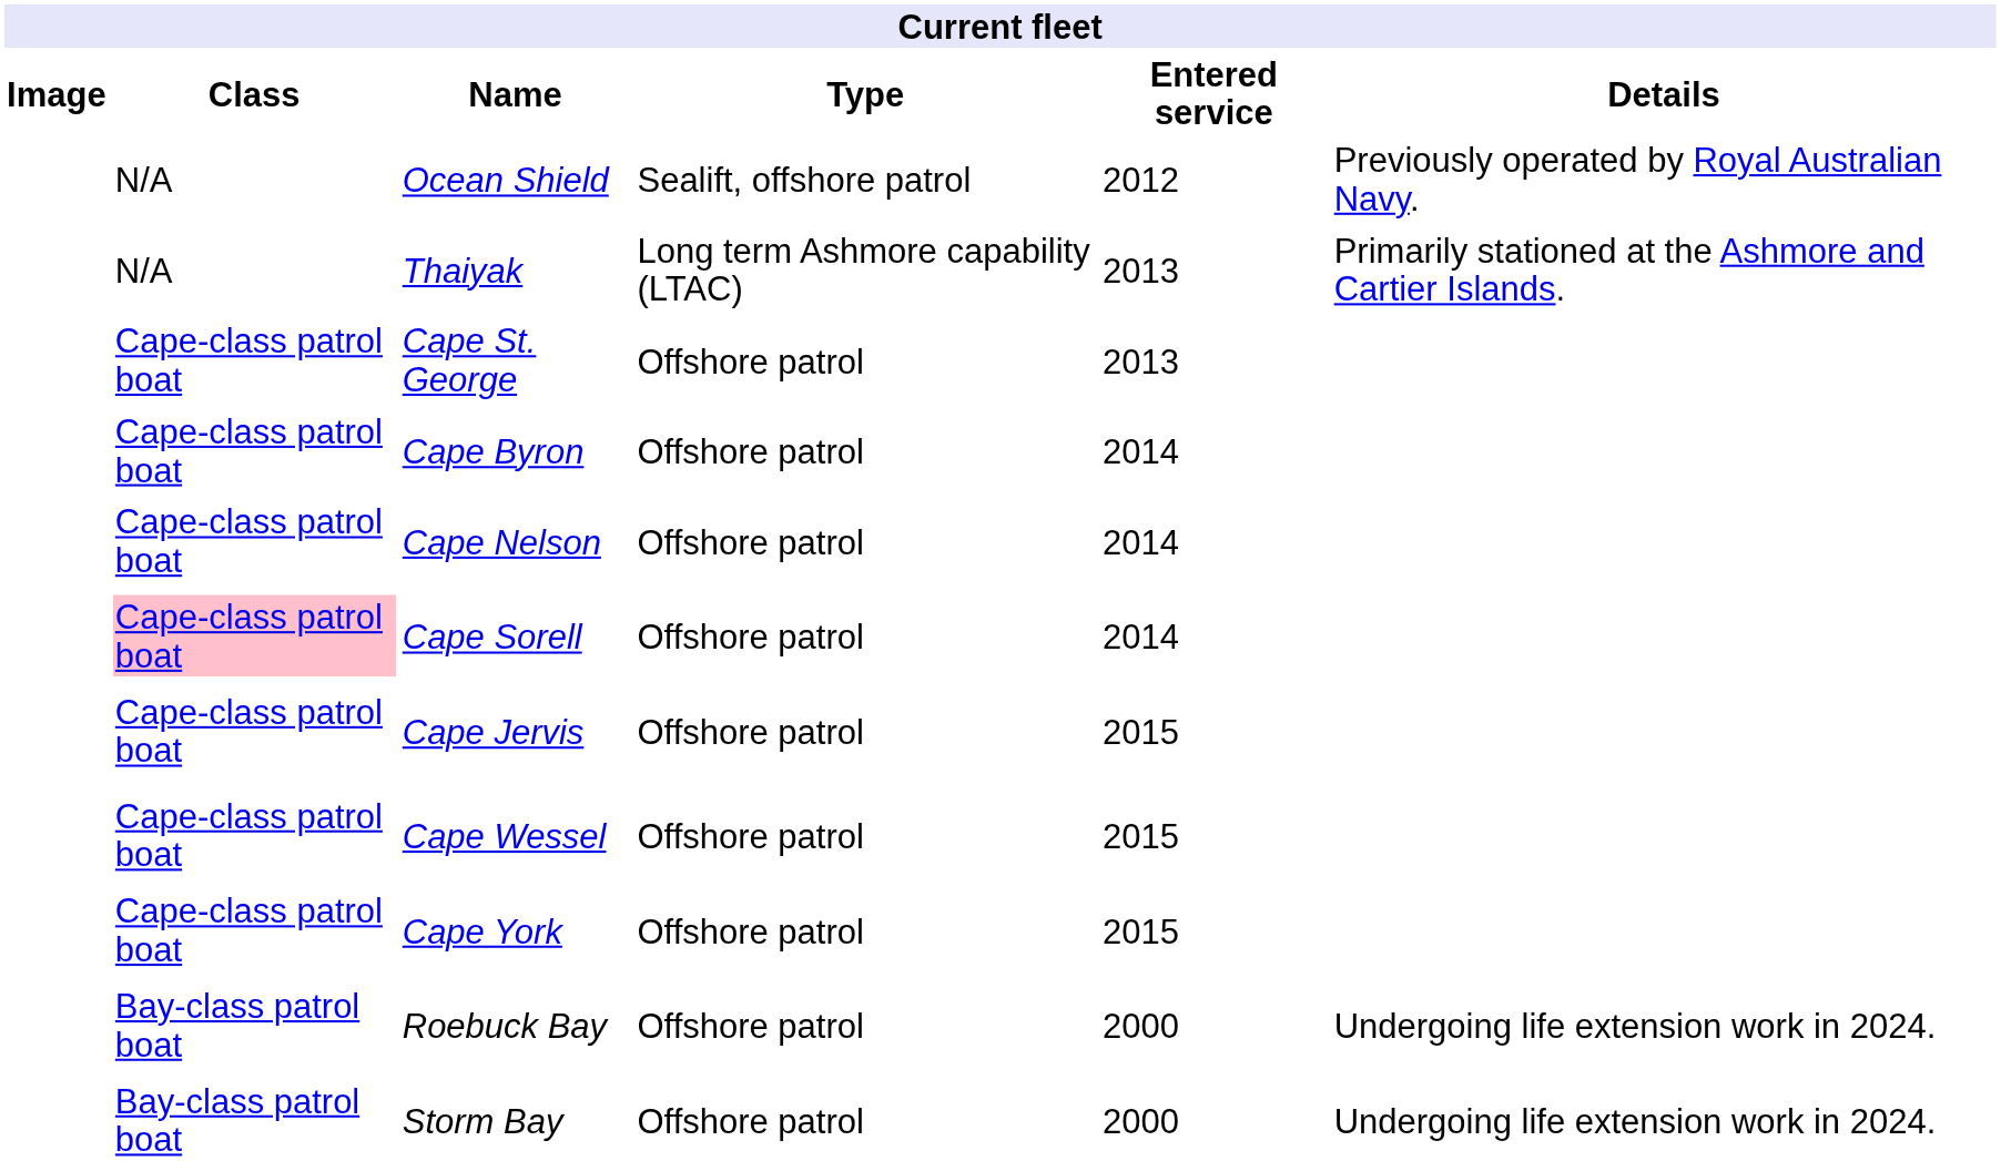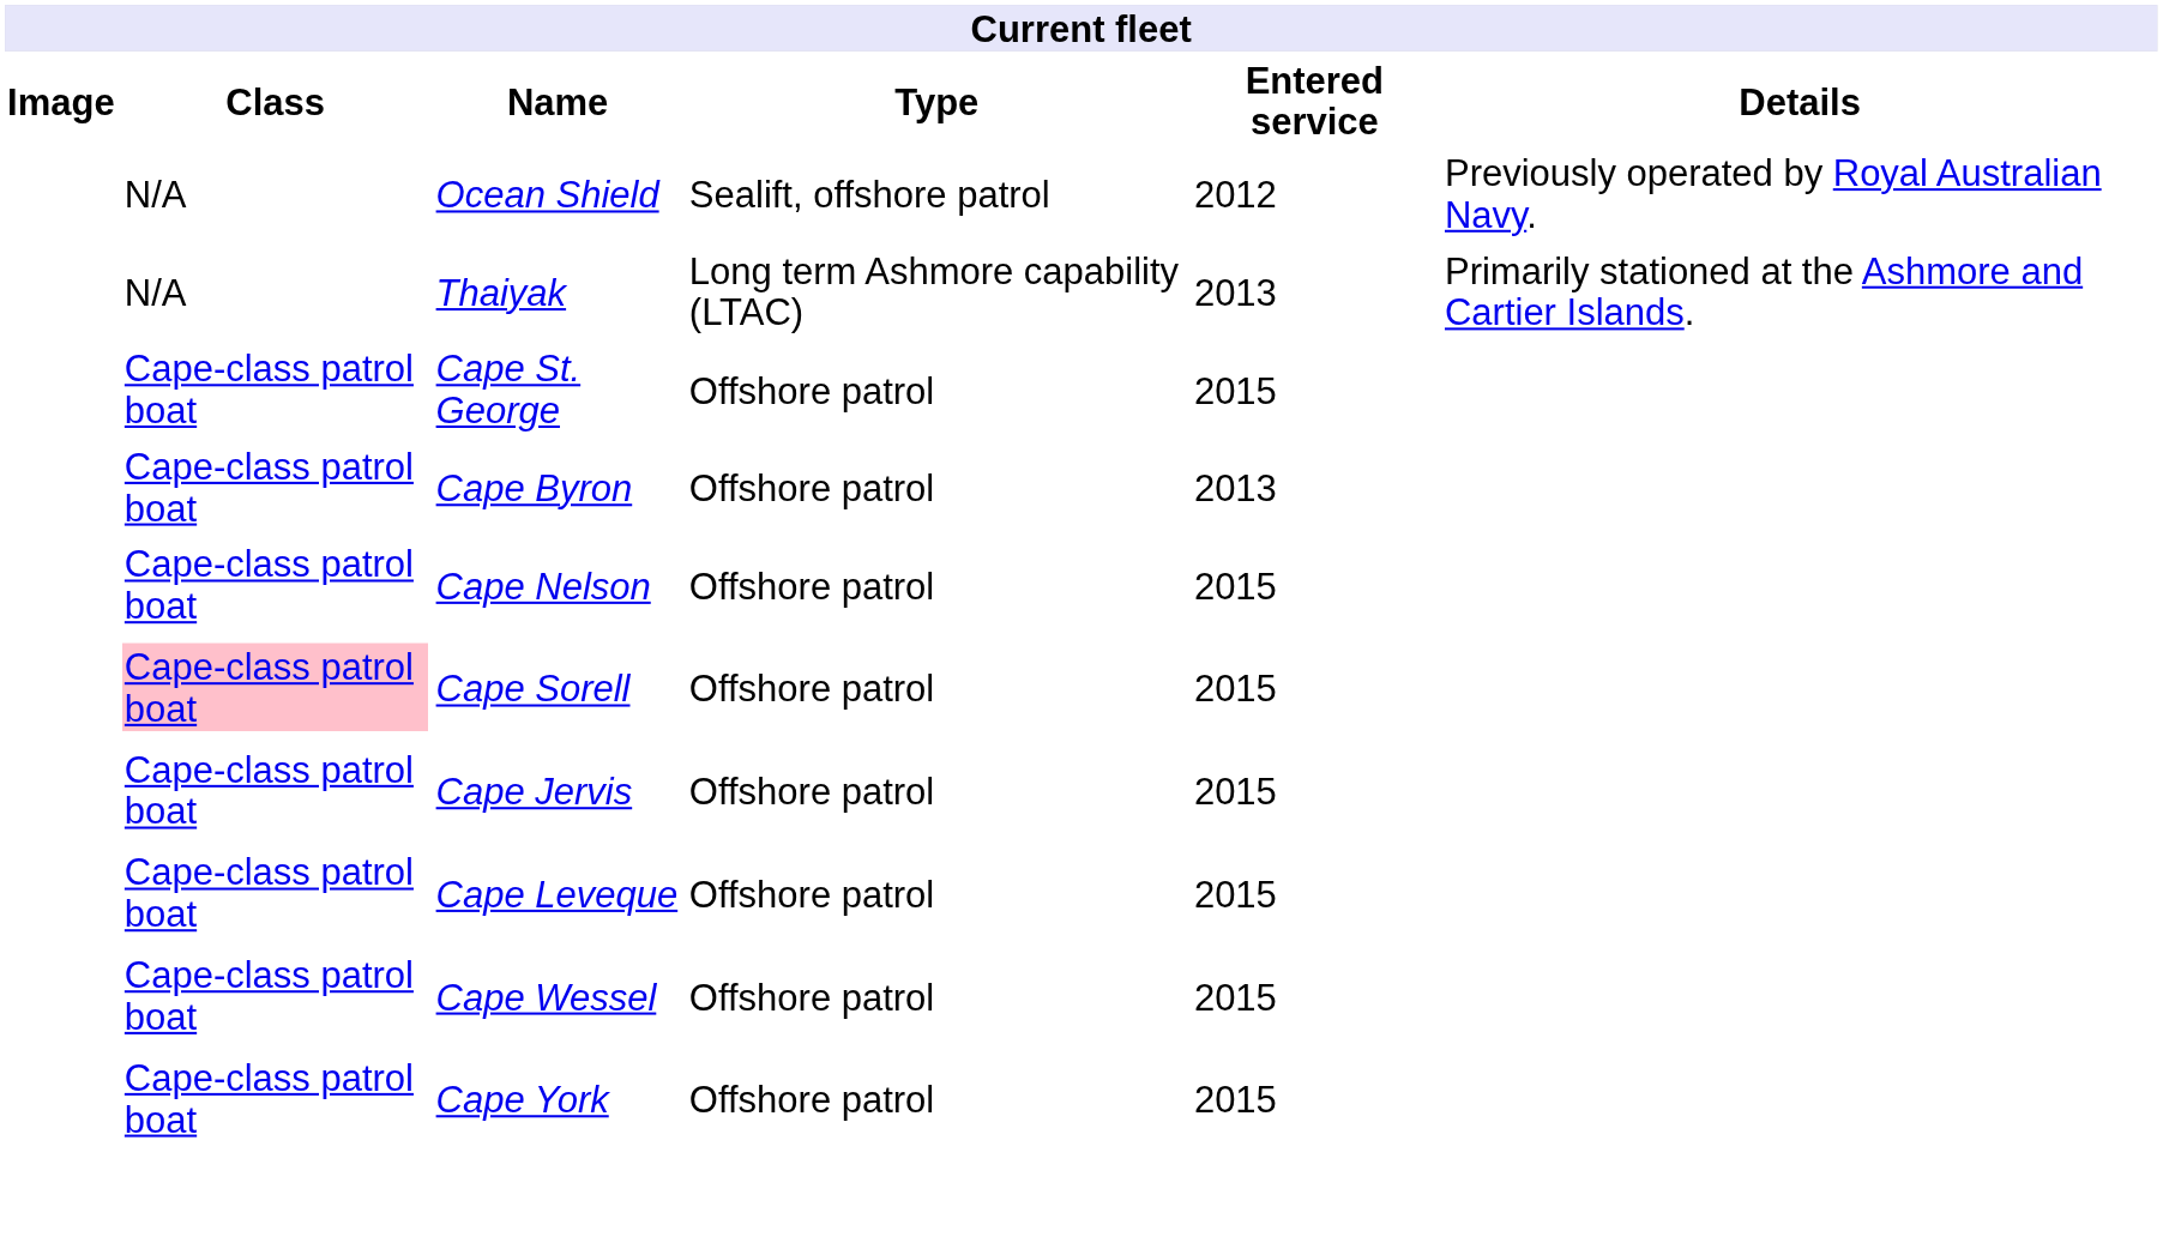 <table class="toccolours" style="width: 100%; font-size:95%;">
 <tr style="background:#ccc;">
 <th colspan="6"  style="background:lavender">Current fleet</th>
 </tr>
 <tr>
 <th>Image</th>
 <th>Class</th>
 <th>Name</th>
 <th>Type</th>
 <th>Entered service</th>
 <th>Details</th>
 </tr>
 <tr -style="background:white">
 <td></td>
 <td>N/A</td>
 <td><a href='#'><em>Ocean Shield</em></a></td>
 <td>Sealift, offshore patrol</td>
 <td>2012</td>
 <td>Previously operated by <a href='#'>Royal Australian Navy</a>.</td>
 </tr>
 <tr>
 </tr>
 <tr ->
 <td></td>
 <td>N/A</td>
 <td><a href='#'><em>Thaiyak</em></a></td>
 <td>Long term Ashmore capability (LTAC)</td>
 <td>2013</td>
 <td>Primarily stationed at  the <a href='#'>Ashmore and Cartier Islands</a>.</td>
 </tr>
 <tr>
 </tr>
 <tr -style="background:white">
 <td></td>
 <td><a href='#'>Cape-class patrol boat</a></td>
 <td><a href='#'><em>Cape St. George</em></a></td>
 <td>Offshore patrol</td>
-<td>2013</td>
+<td>2015</td>
 <td></td>
 </tr>
 <tr>
 </tr>
 <tr ->
 <td></td>
 <td><a href='#'>Cape-class patrol boat</a></td>
 <td><a href='#'><em>Cape Byron</em></a></td>
 <td>Offshore patrol</td>
-<td>2014</td>
+<td>2013</td>
 <td></td>
 </tr>
 <tr>
 </tr>
 <tr -style="background:white">
 <td></td>
 <td><a href='#'>Cape-class patrol boat</a></td>
 <td><a href='#'><em>Cape Nelson</em></a></td>
 <td>Offshore patrol</td>
-<td>2014</td>
+<td>2015</td>
 <td></td>
 </tr>
 <tr>
 </tr>
 <tr>
 </tr>
 <tr ->
 <td></td>
 <td style="background: pink;"><a href='#'>Cape-class patrol boat</a></td>
 <td><a href='#'><em>Cape Sorell</em></a></td>
 <td>Offshore patrol</td>
-<td>2014</td>
+<td>2015</td>
 <td></td>
 </tr>
 <tr>
 </tr>
 <tr>
 </tr>
 <tr -style="background:white">
 <td></td>
 <td><a href='#'>Cape-class patrol boat</a></td>
 <td><a href='#'><em>Cape Jervis</em></a></td>
 <td>Offshore patrol</td>
 <td>2015</td>
 <td></td>
 </tr>
 <tr>
 </tr>
 <tr>
+</tr>
+<tr ->
+<td></td>
+<td><a href='#'>Cape-class patrol boat</a></td>
+<td><a href='#'><em>Cape Leveque</em></a></td>
+<td>Offshore patrol</td>
+<td>2015</td>
+<td></td>
 </tr>
 <tr>
 </tr>
 <tr>
 </tr>
 <tr -style="background:white">
 <td></td>
 <td><a href='#'>Cape-class patrol boat</a></td>
 <td><a href='#'><em>Cape Wessel</em></a></td>
 <td>Offshore patrol</td>
 <td>2015</td>
 <td></td>
 </tr>
 <tr>
 </tr>
 <tr>
 </tr>
 <tr ->
 <td></td>
 <td><a href='#'>Cape-class patrol boat</a></td>
 <td><a href='#'><em>Cape York</em></a></td>
 <td>Offshore patrol</td>
 <td>2015</td>
 <td></td>
 </tr>
 <tr>
 </tr>
 <tr>
 </tr>
-<tr -style="background:white">
-<td></td>
-<td><a href='#'>Bay-class patrol boat</a></td>
-<td><em>Roebuck Bay</em></td>
-<td>Offshore patrol</td>
-<td>2000</td>
-<td>Undergoing life extension work in 2024.</td>
+<tr>
 </tr>
 <tr>
 </tr>
 <tr>
 </tr>
-<tr ->
-<td></td>
-<td><a href='#'>Bay-class patrol boat</a></td>
-<td><em>Storm Bay</em></td>
-<td>Offshore patrol</td>
-<td>2000</td>
-<td>Undergoing life extension work in 2024.</td>
-</tr>
-<tr>
-</tr>
 </table>
